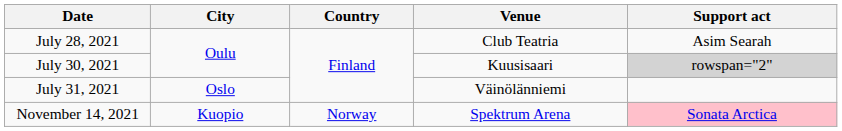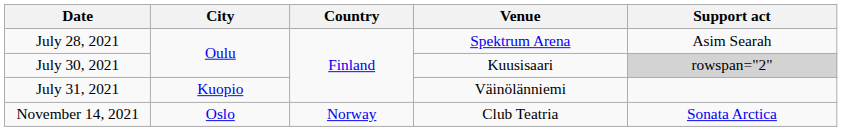 <table class="wikitable plainrowheaders" style="text-align:center;">
 <tr>
 <th scope="col" style="width:12em;">Date</th>
 <th scope="col" style="width:12em;">City</th>
 <th scope="col" style="width:10em;">Country</th>
 <th scope="col" style="width:18em;">Venue</th>
 <th scope="col" style="width:18em;">Support act</th>
 </tr>
 <tr>
 <td>July 28, 2021</td>
 <td rowspan="2"><a href='#'>Oulu</a></td>
 <td rowspan="3"><a href='#'>Finland</a></td>
-<td>Club Teatria</td>
+<td><a href='#'>Spektrum Arena</a></td>
 <td>Asim Searah</td>
 </tr>
 <tr>
 <td>July 30, 2021</td>
 <td>Kuusisaari</td>
 <td style="background: lightgrey;">rowspan="2" </td>
 </tr>
 <tr>
 <td>July 31, 2021</td>
-<td><a href='#'>Oslo</a></td>
+<td><a href='#'>Kuopio</a></td>
 <td>Väinölänniemi</td>
 </tr>
 <tr>
 <td>November 14, 2021</td>
-<td><a href='#'>Kuopio</a></td>
+<td><a href='#'>Oslo</a></td>
 <td><a href='#'>Norway</a></td>
-<td><a href='#'>Spektrum Arena</a></td>
-<td style="background: pink;"><a href='#'>Sonata Arctica</a></td>
+<td>Club Teatria</td>
+<td><a href='#'>Sonata Arctica</a></td>
 </tr>
 </table>
